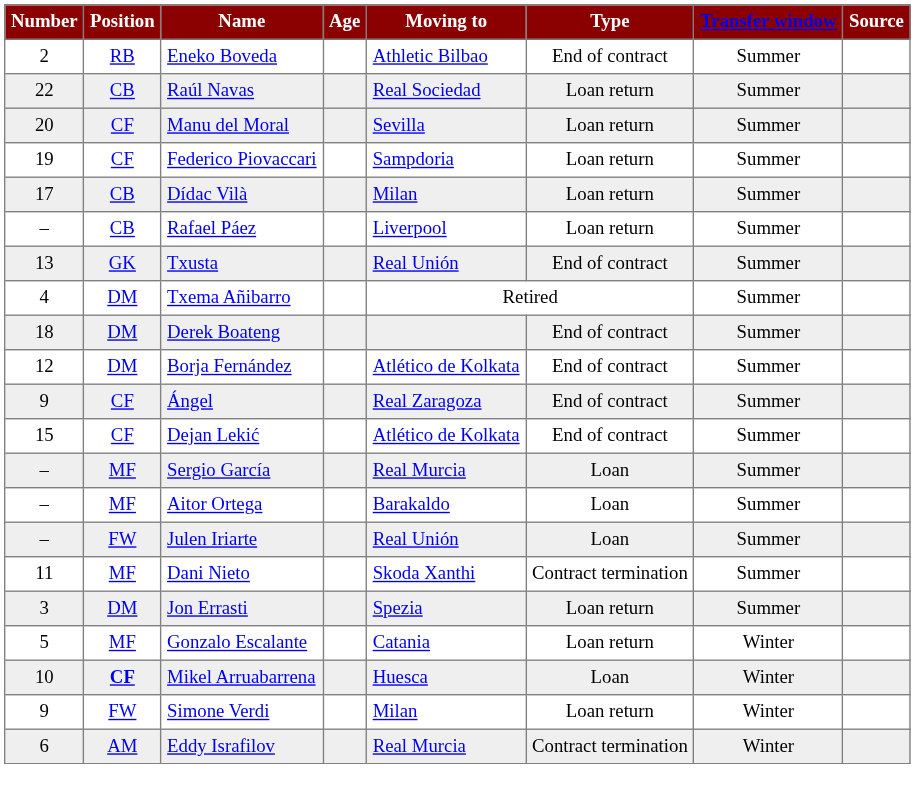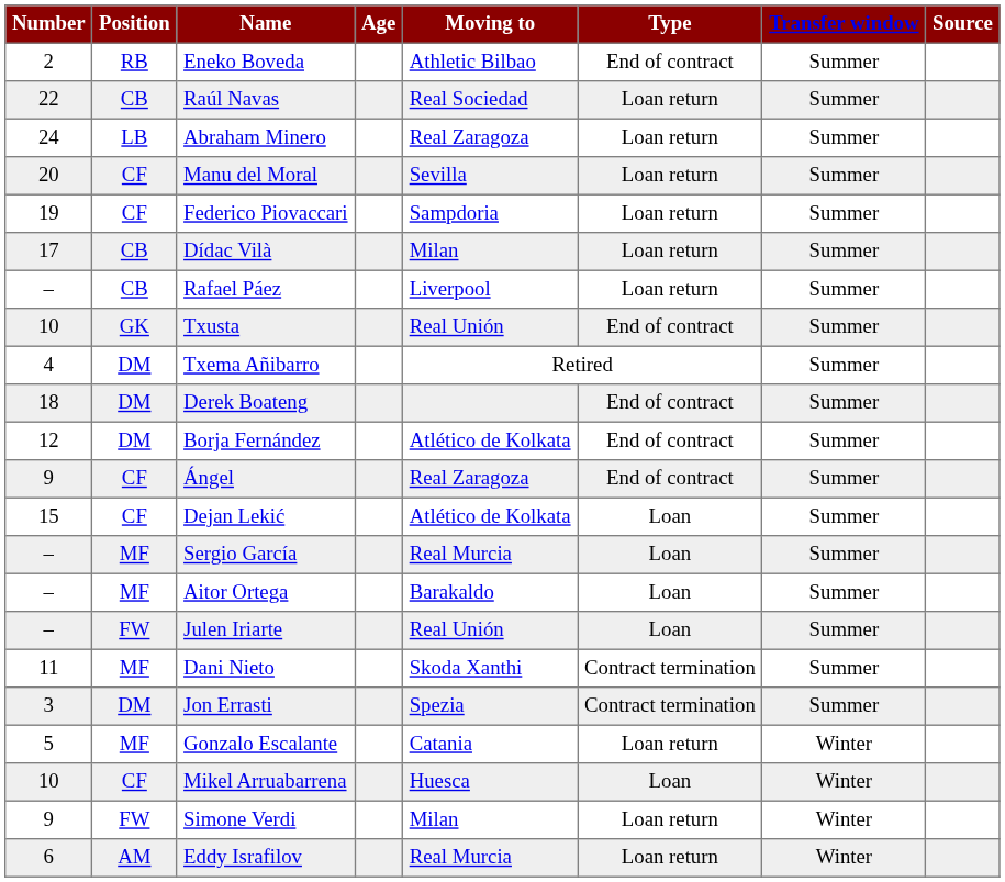 <table cellpadding="4" cellspacing="0" border="1" style="text-align: center; font-size: 85%; border: gray solid 1px; border-collapse: collapse;">
 <tr style="background:#8B0000; color:white;">
 <th>Number</th>
 <th>Position</th>
 <th>Name</th>
 <th>Age</th>
 <th>Moving to</th>
 <th>Type</th>
 <th><a href='#'>Transfer window</a></th>
 <th>Source</th>
 </tr>
 <tr>
 <td>2</td>
 <td><a href='#'>RB</a></td>
 <td align="left"> <a href='#'>Eneko Boveda</a></td>
 <td></td>
 <td align="left"><a href='#'>Athletic Bilbao</a></td>
 <td>End of contract</td>
 <td>Summer</td>
 <td></td>
 </tr>
 <tr bgcolor="#EFEFEF">
 <td>22</td>
 <td><a href='#'>CB</a></td>
 <td align="left"> <a href='#'>Raúl Navas</a></td>
 <td></td>
 <td align="left"><a href='#'>Real Sociedad</a></td>
+<td>Loan return</td>
+<td>Summer</td>
+<td></td>
+</tr>
+<tr>
+<td>24</td>
+<td><a href='#'>LB</a></td>
+<td align="left"> <a href='#'>Abraham Minero</a></td>
+<td></td>
+<td align="left"><a href='#'>Real Zaragoza</a></td>
 <td>Loan return</td>
 <td>Summer</td>
 <td></td>
 </tr>
 <tr bgcolor="#EFEFEF">
 <td>20</td>
 <td><a href='#'>CF</a></td>
 <td align="left"> <a href='#'>Manu del Moral</a></td>
 <td></td>
 <td align="left"><a href='#'>Sevilla</a></td>
 <td>Loan return</td>
 <td>Summer</td>
 <td></td>
 </tr>
 <tr>
 <td>19</td>
 <td><a href='#'>CF</a></td>
 <td align="left"> <a href='#'>Federico Piovaccari</a></td>
 <td></td>
 <td align="left"> <a href='#'>Sampdoria</a></td>
 <td>Loan return</td>
 <td>Summer</td>
 <td></td>
 </tr>
 <tr bgcolor="#EFEFEF">
 <td>17</td>
 <td><a href='#'>CB</a></td>
 <td align="left"> <a href='#'>Dídac Vilà</a></td>
 <td></td>
 <td align="left"> <a href='#'>Milan</a></td>
 <td>Loan return</td>
 <td>Summer</td>
 <td></td>
 </tr>
 <tr>
 <td>–</td>
 <td><a href='#'>CB</a></td>
 <td align="left"> <a href='#'>Rafael Páez</a></td>
 <td></td>
 <td align="left"> <a href='#'>Liverpool</a></td>
 <td>Loan return</td>
 <td>Summer</td>
 <td></td>
 </tr>
 <tr bgcolor="#EFEFEF">
-<td>13</td>
+<td>10</td>
 <td><a href='#'>GK</a></td>
 <td align="left"> <a href='#'>Txusta</a></td>
 <td></td>
 <td align="left"><a href='#'>Real Unión</a></td>
 <td>End of contract</td>
 <td>Summer</td>
 <td></td>
 </tr>
 <tr>
 <td>4</td>
 <td><a href='#'>DM</a></td>
 <td align="left"> <a href='#'>Txema Añibarro</a></td>
 <td></td>
 <td style="text-align: center;" colspan="2">Retired</td>
 <td>Summer</td>
 <td></td>
 </tr>
 <tr bgcolor="#EFEFEF">
 <td>18</td>
 <td><a href='#'>DM</a></td>
 <td align="left"> <a href='#'>Derek Boateng</a></td>
 <td></td>
 <td></td>
 <td>End of contract</td>
 <td>Summer</td>
 <td></td>
 </tr>
 <tr>
 <td>12</td>
 <td><a href='#'>DM</a></td>
 <td align="left"> <a href='#'>Borja Fernández</a></td>
 <td></td>
 <td align="left"> <a href='#'>Atlético de Kolkata</a></td>
 <td>End of contract</td>
 <td>Summer</td>
 <td></td>
 </tr>
 <tr bgcolor="#EFEFEF">
 <td>9</td>
 <td><a href='#'>CF</a></td>
 <td align="left"> <a href='#'>Ángel</a></td>
 <td></td>
 <td align="left"><a href='#'>Real Zaragoza</a></td>
 <td>End of contract</td>
 <td>Summer</td>
 <td></td>
 </tr>
 <tr>
 <td>15</td>
 <td><a href='#'>CF</a></td>
 <td align="left"> <a href='#'>Dejan Lekić</a></td>
 <td></td>
 <td align="left"> <a href='#'>Atlético de Kolkata</a></td>
-<td>End of contract</td>
+<td>Loan</td>
 <td>Summer</td>
 <td></td>
 </tr>
 <tr bgcolor="#EFEFEF">
 <td>–</td>
 <td><a href='#'>MF</a></td>
 <td align="left"> <a href='#'>Sergio García</a></td>
 <td></td>
 <td align="left"><a href='#'>Real Murcia</a></td>
 <td>Loan</td>
 <td>Summer</td>
 <td></td>
 </tr>
 <tr>
 <td>–</td>
 <td><a href='#'>MF</a></td>
 <td align="left"> <a href='#'>Aitor Ortega</a></td>
 <td></td>
 <td align="left"><a href='#'>Barakaldo</a></td>
 <td>Loan</td>
 <td>Summer</td>
 <td></td>
 </tr>
 <tr bgcolor="#EFEFEF">
 <td>–</td>
 <td><a href='#'>FW</a></td>
 <td align="left"> <a href='#'>Julen Iriarte</a></td>
 <td></td>
 <td align="left"><a href='#'>Real Unión</a></td>
 <td>Loan</td>
 <td>Summer</td>
 <td></td>
 </tr>
 <tr>
 <td>11</td>
 <td><a href='#'>MF</a></td>
 <td align="left"> <a href='#'>Dani Nieto</a></td>
 <td></td>
 <td align="left"> <a href='#'>Skoda Xanthi</a></td>
 <td>Contract termination</td>
 <td>Summer</td>
 <td></td>
 </tr>
 <tr bgcolor="#EFEFEF">
 <td>3</td>
 <td><a href='#'>DM</a></td>
 <td align="left"> <a href='#'>Jon Errasti</a></td>
 <td></td>
 <td align="left"> <a href='#'>Spezia</a></td>
-<td>Loan return</td>
+<td>Contract termination</td>
 <td>Summer</td>
 <td></td>
 </tr>
 <tr>
 <td>5</td>
 <td><a href='#'>MF</a></td>
 <td align="left"> <a href='#'>Gonzalo Escalante</a></td>
 <td></td>
 <td align="left"> <a href='#'>Catania</a></td>
 <td>Loan return</td>
 <td>Winter</td>
 <td></td>
 </tr>
 <tr bgcolor="#EFEFEF">
 <td>10</td>
-<td><strong><a href='#'>CF</a></strong></td>
+<td><a href='#'>CF</a></td>
 <td align="left"> <a href='#'>Mikel Arruabarrena</a></td>
 <td></td>
 <td align="left"><a href='#'>Huesca</a></td>
 <td>Loan</td>
 <td>Winter</td>
 <td></td>
 </tr>
 <tr>
 <td>9</td>
 <td><a href='#'>FW</a></td>
 <td align="left"> <a href='#'>Simone Verdi</a></td>
 <td></td>
 <td align="left"> <a href='#'>Milan</a></td>
 <td>Loan return</td>
 <td>Winter</td>
 <td></td>
 </tr>
 <tr bgcolor="#EFEFEF">
 <td>6</td>
 <td><a href='#'>AM</a></td>
 <td align="left"> <a href='#'>Eddy Israfilov</a></td>
 <td></td>
 <td align="left"><a href='#'>Real Murcia</a></td>
-<td>Contract termination</td>
+<td>Loan return</td>
 <td>Winter</td>
 <td></td>
 </tr>
 </table>
